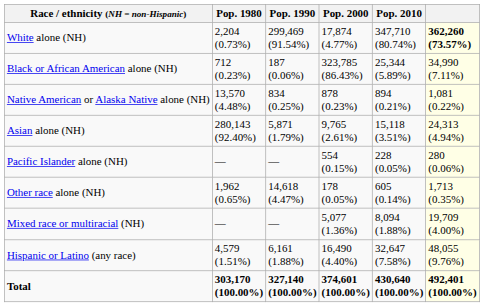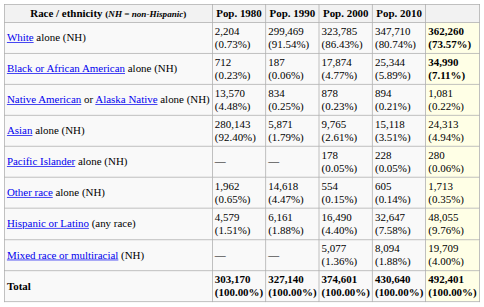 <table class="wikitable sortable collapsible" style="font-size: 95%;">
 <tr>
 <th>Race / ethnicity <small>(<em>NH = non-Hispanic</em>)</small></th>
 <th>Pop. 1980</th>
 <th>Pop. 1990</th>
 <th>Pop. 2000</th>
 <th>Pop. 2010</th>
 <th></th>
 </tr>
 <tr>
 <td><a href='#'>White</a> alone (NH)</td>
 <td>2,204<br>(0.73%)</td>
 <td>299,469<br>(91.54%)</td>
-<td>17,874<br>(4.77%)</td>
+<td>323,785<br>(86.43%)</td>
 <td>347,710<br>(80.74%)</td>
 <td style='background: #ffffe6;'><strong>362,260<br>(73.57%)</strong></td>
 </tr>
 <tr>
 <td><a href='#'>Black or African American</a> alone (NH)</td>
 <td>712<br>(0.23%)</td>
 <td>187<br>(0.06%)</td>
-<td>323,785<br>(86.43%)</td>
+<td>17,874<br>(4.77%)</td>
 <td>25,344<br>(5.89%)</td>
-<td style='background: #ffffe6;'>34,990<br>(7.11%)</td>
+<td style='background: #ffffe6;'><strong>34,990<br>(7.11%)</strong></td>
 </tr>
 <tr>
 <td><a href='#'>Native American</a> or <a href='#'>Alaska Native</a> alone (NH)</td>
 <td>13,570<br>(4.48%)</td>
 <td>834<br>(0.25%)</td>
 <td>878<br>(0.23%)</td>
 <td>894<br>(0.21%)</td>
 <td style='background: #ffffe6;'>1,081<br>(0.22%)</td>
 </tr>
 <tr>
 <td><a href='#'>Asian</a> alone (NH)</td>
 <td>280,143<br>(92.40%)</td>
 <td>5,871<br>(1.79%)</td>
 <td>9,765<br>(2.61%)</td>
 <td>15,118<br>(3.51%)</td>
 <td style='background: #ffffe6;'>24,313<br>(4.94%)</td>
 </tr>
 <tr>
 <td><a href='#'>Pacific Islander</a> alone (NH)</td>
 <td>—</td>
 <td>—</td>
-<td>554<br>(0.15%)</td>
+<td>178<br>(0.05%)</td>
 <td>228<br>(0.05%)</td>
 <td style='background: #ffffe6;'>280<br>(0.06%)</td>
 </tr>
 <tr>
 <td><a href='#'>Other race</a> alone (NH)</td>
 <td>1,962<br>(0.65%)</td>
 <td>14,618<br>(4.47%)</td>
-<td>178<br>(0.05%)</td>
+<td>554<br>(0.15%)</td>
 <td>605<br>(0.14%)</td>
 <td style='background: #ffffe6;'>1,713<br>(0.35%)</td>
+</tr>
+<tr>
+<td><a href='#'>Hispanic or Latino</a> (any race)</td>
+<td>4,579<br>(1.51%)</td>
+<td>6,161<br>(1.88%)</td>
+<td>16,490<br>(4.40%)</td>
+<td>32,647<br>(7.58%)</td>
+<td style='background: #ffffe6;'>48,055<br>(9.76%)</td>
 </tr>
 <tr>
 <td><a href='#'>Mixed race or multiracial</a> (NH)</td>
 <td>—</td>
 <td>—</td>
 <td>5,077<br>(1.36%)</td>
 <td>8,094<br>(1.88%)</td>
 <td style='background: #ffffe6;'>19,709<br>(4.00%)</td>
 </tr>
 <tr>
-<td><a href='#'>Hispanic or Latino</a> (any race)</td>
-<td>4,579<br>(1.51%)</td>
-<td>6,161<br>(1.88%)</td>
-<td>16,490<br>(4.40%)</td>
-<td>32,647<br>(7.58%)</td>
-<td style='background: #ffffe6;'>48,055<br>(9.76%)</td>
-</tr>
-<tr>
 <td><strong>Total</strong></td>
 <td><strong>303,170<br>(100.00%)</strong></td>
 <td><strong>327,140<br>(100.00%)</strong></td>
 <td><strong>374,601<br>(100.00%)</strong></td>
 <td><strong>430,640<br>(100.00%)</strong></td>
 <td style='background: #ffffe6;'><strong>492,401<br>(100.00%)</strong></td>
 </tr>
 </table>
